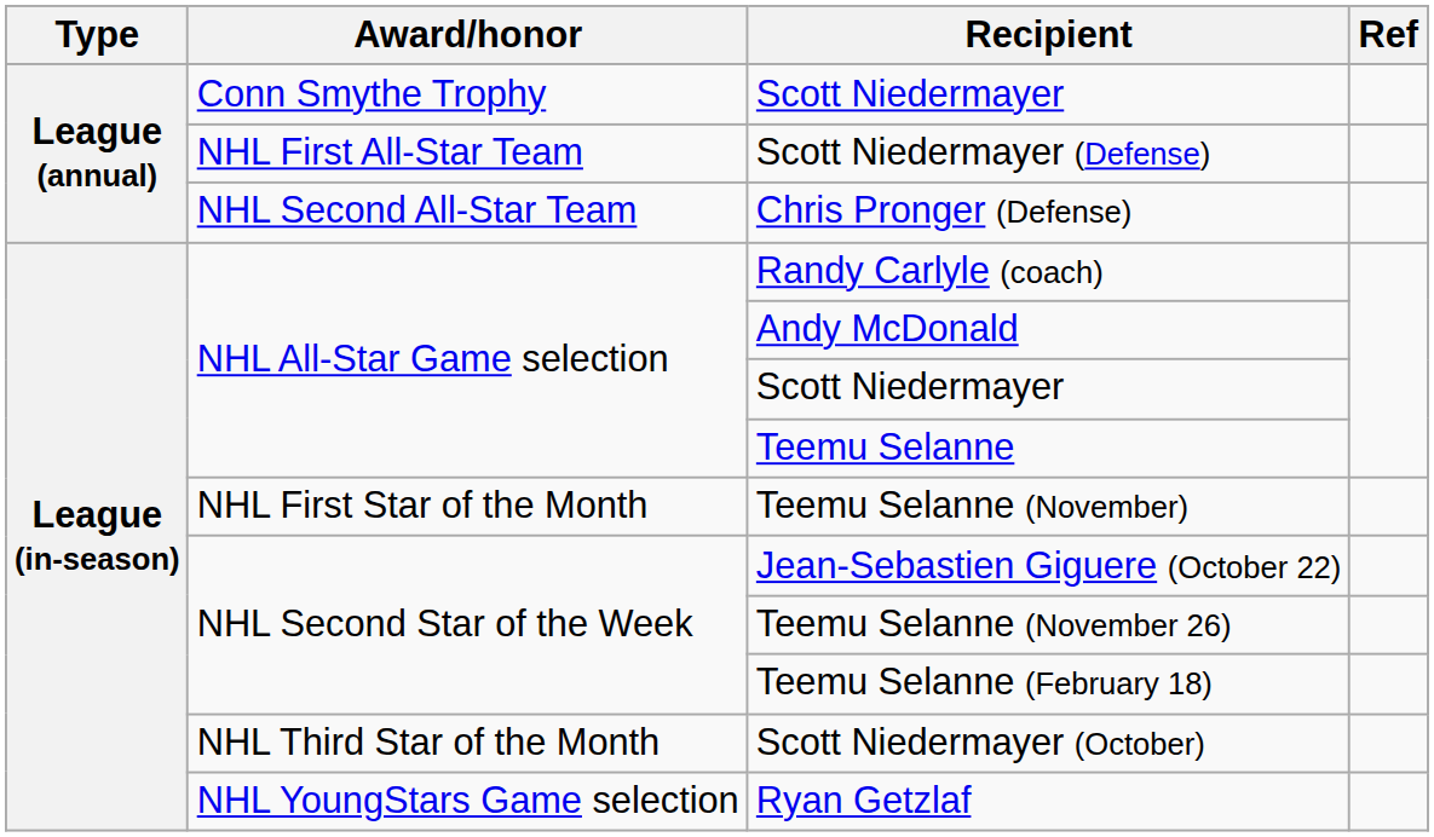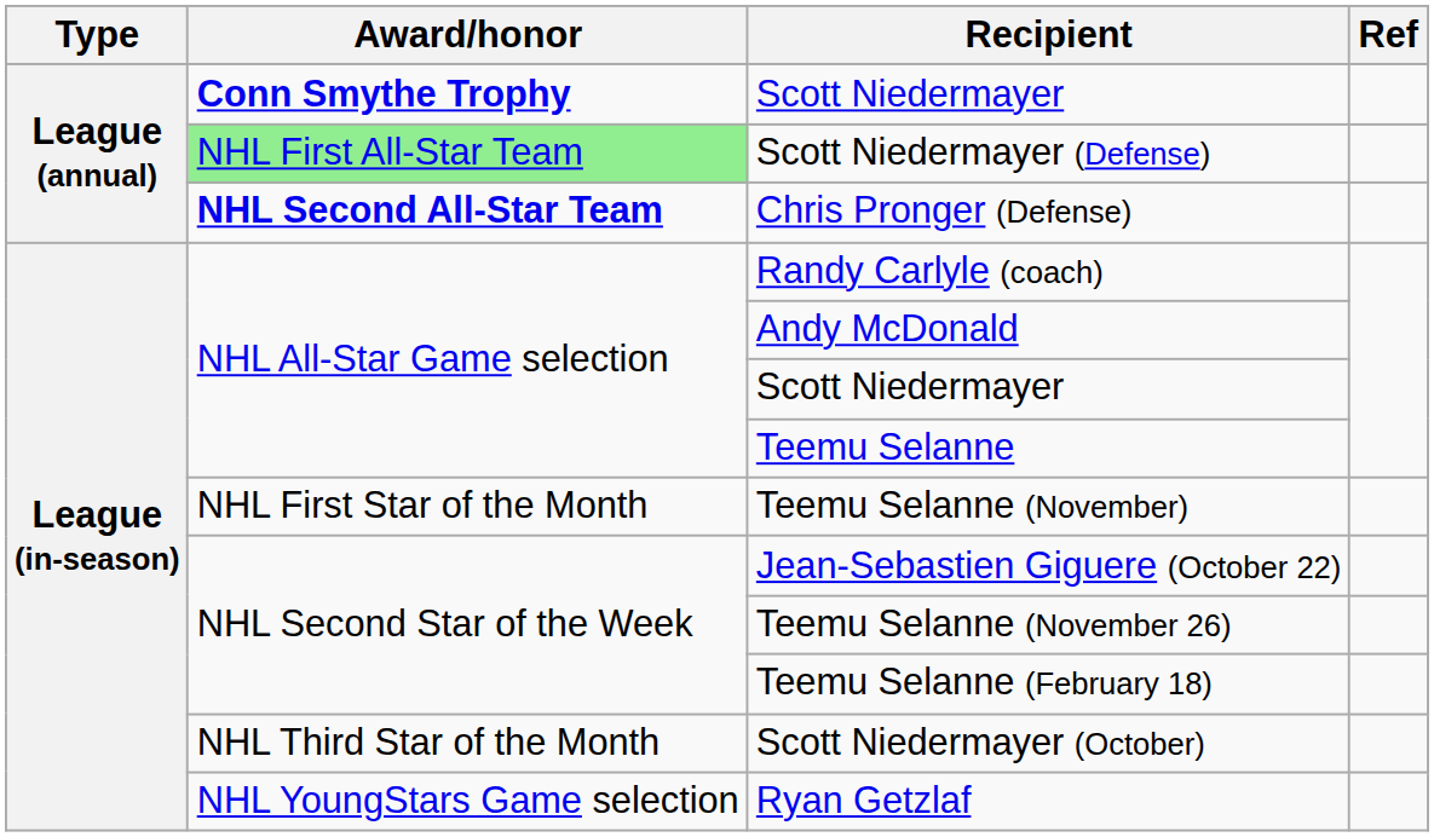 <table class="wikitable">
 <tr>
 <th scope="col">Type</th>
 <th scope="col">Award/honor</th>
 <th scope="col">Recipient</th>
 <th scope="col">Ref</th>
 </tr>
 <tr>
 <th scope="row" rowspan="3">League<br><small>(annual)</small></th>
-<td><a href='#'>Conn Smythe Trophy</a></td>
+<td><strong><a href='#'>Conn Smythe Trophy</a></strong></td>
 <td><a href='#'>Scott Niedermayer</a></td>
 <td></td>
 </tr>
 <tr>
-<td><a href='#'>NHL First All-Star Team</a></td>
+<td style="background: lightgreen;"><a href='#'>NHL First All-Star Team</a></td>
 <td>Scott Niedermayer <small>(<a href='#'>Defense</a>)</small></td>
 <td></td>
 </tr>
 <tr>
-<td><a href='#'>NHL Second All-Star Team</a></td>
+<td><strong><a href='#'>NHL Second All-Star Team</a></strong></td>
 <td><a href='#'>Chris Pronger</a> <small>(Defense)</small></td>
 <td></td>
 </tr>
 <tr>
 <th scope="row" rowspan="10">League<br><small>(in-season)</small></th>
 <td rowspan="4"><a href='#'>NHL All-Star Game</a> selection</td>
 <td><a href='#'>Randy Carlyle</a> <small>(coach)</small></td>
 <td rowspan="4"></td>
 </tr>
 <tr>
 <td><a href='#'>Andy McDonald</a></td>
 </tr>
 <tr>
 <td>Scott Niedermayer</td>
 </tr>
 <tr>
 <td><a href='#'>Teemu Selanne</a></td>
 </tr>
 <tr>
 <td>NHL First Star of the Month</td>
 <td>Teemu Selanne <small>(November)</small></td>
 <td></td>
 </tr>
 <tr>
 <td rowspan="3">NHL Second Star of the Week</td>
 <td><a href='#'>Jean-Sebastien Giguere</a> <small>(October 22)</small></td>
 <td></td>
 </tr>
 <tr>
 <td>Teemu Selanne <small>(November 26)</small></td>
 <td></td>
 </tr>
 <tr>
 <td>Teemu Selanne <small>(February 18)</small></td>
 <td></td>
 </tr>
 <tr>
 <td>NHL Third Star of the Month</td>
 <td>Scott Niedermayer <small>(October)</small></td>
 <td></td>
 </tr>
 <tr>
 <td><a href='#'>NHL YoungStars Game</a> selection</td>
 <td><a href='#'>Ryan Getzlaf</a></td>
 <td></td>
 </tr>
 </table>
